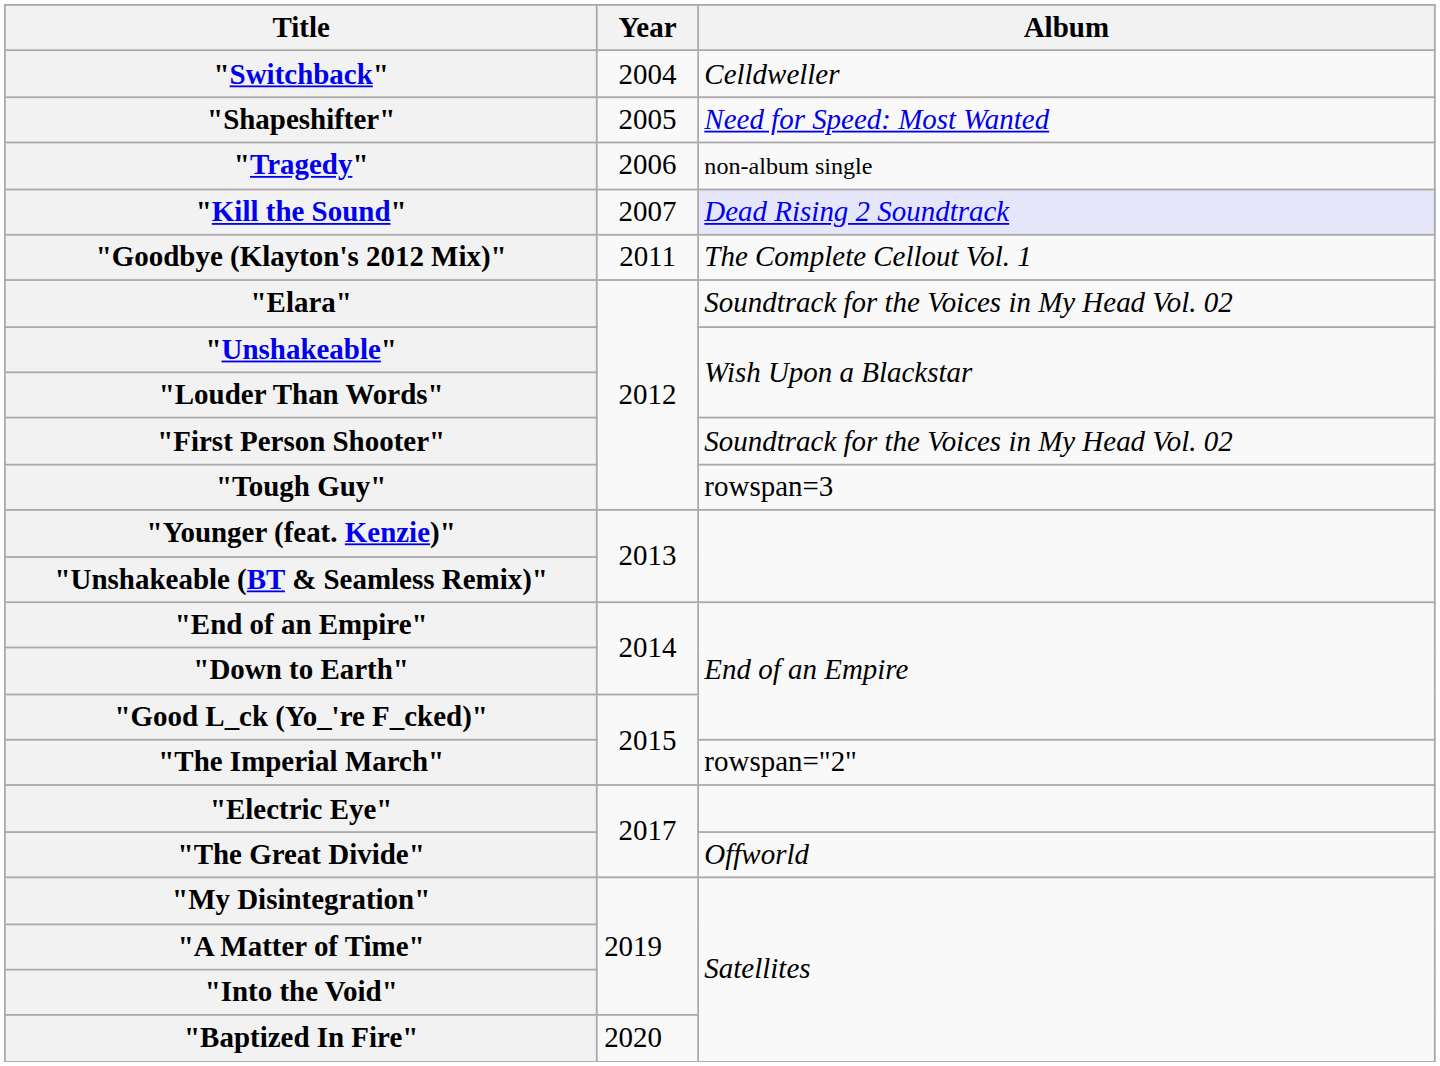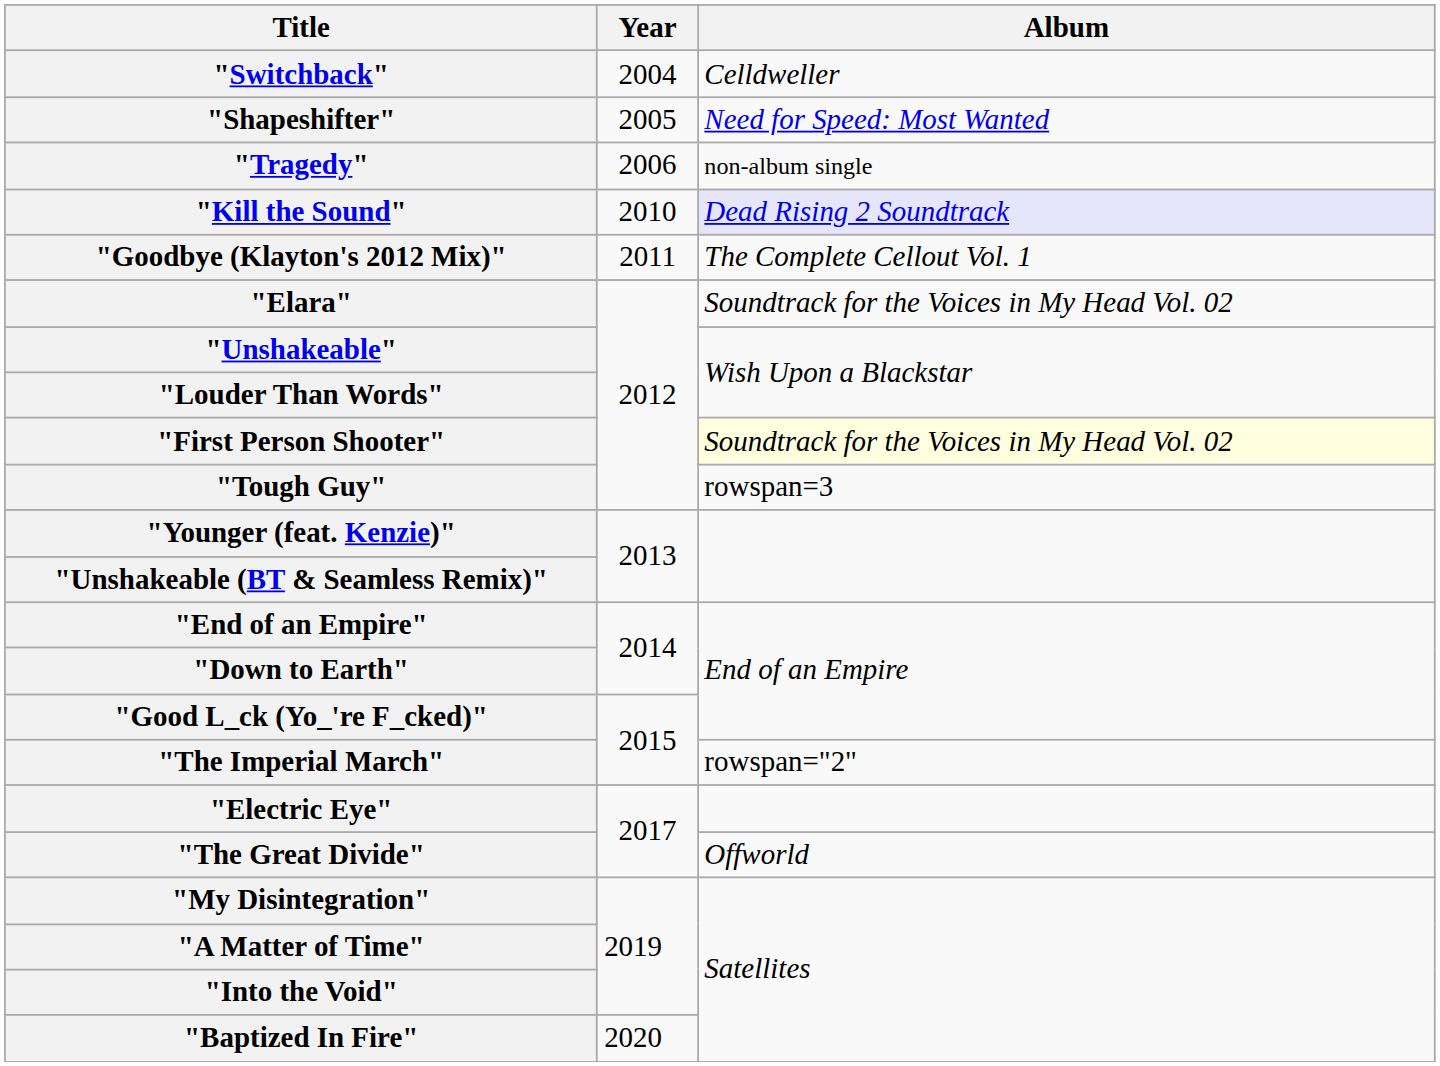 <table class="wikitable plainrowheaders">
 <tr>
 <th style=width:20em;>Title</th>
 <th style=width:3em;>Year</th>
 <th style=width:25em;>Album</th>
 </tr>
 <tr>
 <th scope="row">"<a href='#'>Switchback</a>"</th>
 <td style=text-align:center;>2004</td>
 <td><em>Celldweller</em></td>
 </tr>
 <tr>
 <th scope="row">"Shapeshifter"</th>
 <td style=text-align:center;>2005</td>
 <td><em><a href='#'>Need for Speed: Most Wanted</a></em></td>
 </tr>
 <tr>
 <th scope="row">"<a href='#'>Tragedy</a>"</th>
 <td style=text-align:center;>2006</td>
 <td><small>non-album single</small></td>
 </tr>
 <tr>
 <th scope="row">"<a href='#'>Kill the Sound</a>"</th>
-<td style=text-align:center;>2007</td>
+<td style=text-align:center;>2010</td>
 <td style="background: lavender;"><em><a href='#'>Dead Rising 2 Soundtrack</a></em></td>
 </tr>
 <tr>
 <th scope="row">"Goodbye (Klayton's 2012 Mix)"</th>
 <td style=text-align:center;>2011</td>
 <td><em>The Complete Cellout Vol. 1</em></td>
 </tr>
 <tr>
 <th scope="row">"Elara"</th>
 <td rowspan="5" style=text-align:center;>2012</td>
 <td><em>Soundtrack for the Voices in My Head Vol. 02</em></td>
 </tr>
 <tr>
 <th scope="row">"<a href='#'>Unshakeable</a>"</th>
 <td rowspan=2><em>Wish Upon a Blackstar</em></td>
 </tr>
 <tr>
 <th scope="row">"Louder Than Words"</th>
 </tr>
 <tr>
 <th scope="row">"First Person Shooter"</th>
-<td><em>Soundtrack for the Voices in My Head Vol. 02</em></td>
+<td style="background: lightyellow;"><em>Soundtrack for the Voices in My Head Vol. 02</em></td>
 </tr>
 <tr>
 <th scope="row">"Tough Guy"</th>
 <td>rowspan=3 </td>
 </tr>
 <tr>
 <th scope="row">"Younger (feat. <a href='#'>Kenzie</a>)"</th>
 <td rowspan="2" style=text-align:center;>2013</td>
 </tr>
 <tr>
 <th scope="row">"Unshakeable (<a href='#'>BT</a> & Seamless Remix)"</th>
 </tr>
 <tr>
 <th scope="row">"End of an Empire"</th>
 <td rowspan="2" style=text-align:center;>2014</td>
 <td rowspan=3><em>End of an Empire</em></td>
 </tr>
 <tr>
 <th scope="row">"Down to Earth"</th>
 </tr>
 <tr>
 <th scope="row">"Good L_ck (Yo_'re F_cked)"</th>
 <td rowspan="2" style=text-align:center;>2015</td>
 </tr>
 <tr>
 <th scope="row">"The Imperial March"</th>
 <td>rowspan="2" </td>
 </tr>
 <tr>
 <th scope="row">"Electric Eye"</th>
 <td rowspan="2" style=text-align:center;>2017</td>
 </tr>
 <tr>
 <th scope="row">"The Great Divide"</th>
 <td><em>Offworld</em></td>
 </tr>
 <tr>
 <th scope="row">"My Disintegration"</th>
 <td rowspan="3">2019</td>
 <td rowspan="4"><em>Satellites</em></td>
 </tr>
 <tr>
 <th scope ="row">"A Matter of Time"</th>
 </tr>
 <tr>
 <th scope ="row">"Into the Void"</th>
 </tr>
 <tr>
 <th scope="row">"Baptized In Fire"</th>
 <td>2020</td>
 </tr>
 </table>
